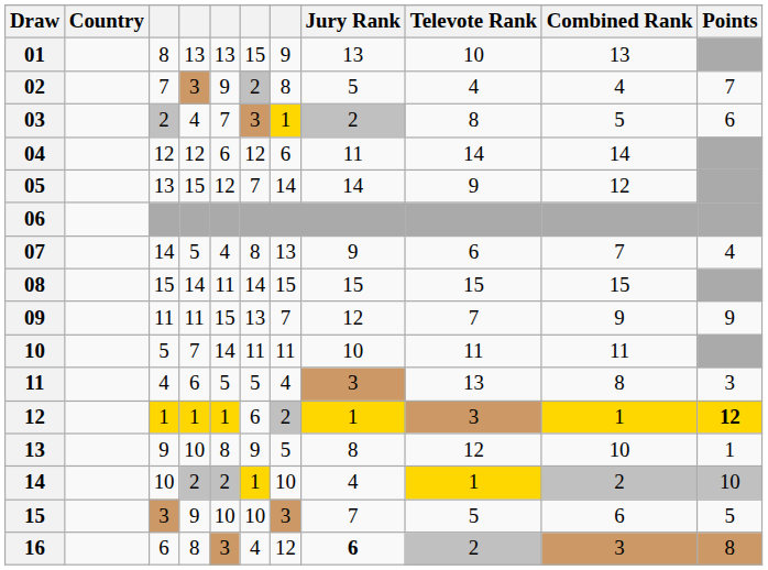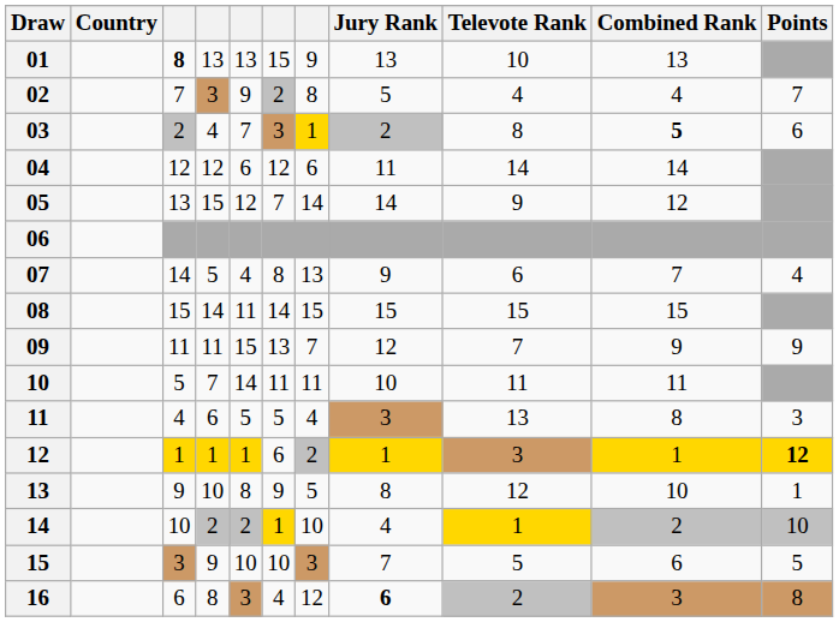 <table class="sortable wikitable collapsible plainrowheaders" style="text-align:center;">
 <tr>
 </tr>
 <tr>
 <th scope="col">Draw</th>
 <th scope="col">Country</th>
 <th scope="col"><small></small></th>
 <th scope="col"><small></small></th>
 <th scope="col"><small></small></th>
 <th scope="col"><small></small></th>
 <th scope="col"><small></small></th>
 <th scope="col">Jury Rank</th>
 <th scope="col">Televote Rank</th>
 <th scope="col">Combined Rank</th>
 <th scope="col">Points</th>
 </tr>
 <tr>
 <th scope="row" style="text-align:center;">01</th>
 <td style="text-align:left;"></td>
-<td>8</td>
+<td><strong>8</strong></td>
 <td>13</td>
 <td>13</td>
 <td>15</td>
 <td>9</td>
 <td>13</td>
 <td>10</td>
 <td>13</td>
 <td style="background:#AAAAAA;"></td>
 </tr>
 <tr>
 <th scope="row" style="text-align:center;">02</th>
 <td style="text-align:left;"></td>
 <td>7</td>
 <td style="background:#CC9966;">3</td>
 <td>9</td>
 <td style="background:silver;">2</td>
 <td>8</td>
 <td>5</td>
 <td>4</td>
 <td>4</td>
 <td>7</td>
 </tr>
 <tr>
 <th scope="row" style="text-align:center;">03</th>
 <td style="text-align:left;"></td>
 <td style="background:silver;">2</td>
 <td>4</td>
 <td>7</td>
 <td style="background:#CC9966;">3</td>
 <td style="background:gold;">1</td>
 <td style="background:silver;">2</td>
 <td>8</td>
-<td>5</td>
+<td><strong>5</strong></td>
 <td>6</td>
 </tr>
 <tr>
 <th scope="row" style="text-align:center;">04</th>
 <td style="text-align:left;"></td>
 <td>12</td>
 <td>12</td>
 <td>6</td>
 <td>12</td>
 <td>6</td>
 <td>11</td>
 <td>14</td>
 <td>14</td>
 <td style="background:#AAAAAA;"></td>
 </tr>
 <tr>
 <th scope="row" style="text-align:center;">05</th>
 <td style="text-align:left;"></td>
 <td>13</td>
 <td>15</td>
 <td>12</td>
 <td>7</td>
 <td>14</td>
 <td>14</td>
 <td>9</td>
 <td>12</td>
 <td style="background:#AAAAAA;"></td>
 </tr>
 <tr class="sortbottom">
 <th scope="row" style="text-align:center;">06</th>
 <td style="text-align:left;"></td>
 <td style="background:#AAAAAA;"></td>
 <td style="background:#AAAAAA;"></td>
 <td style="background:#AAAAAA;"></td>
 <td style="background:#AAAAAA;"></td>
 <td style="background:#AAAAAA;"></td>
 <td style="background:#AAAAAA;"></td>
 <td style="background:#AAAAAA;"></td>
 <td style="background:#AAAAAA;"></td>
 <td style="background:#AAAAAA;"></td>
 </tr>
 <tr>
 <th scope="row" style="text-align:center;">07</th>
 <td style="text-align:left;"></td>
 <td>14</td>
 <td>5</td>
 <td>4</td>
 <td>8</td>
 <td>13</td>
 <td>9</td>
 <td>6</td>
 <td>7</td>
 <td>4</td>
 </tr>
 <tr>
 <th scope="row" style="text-align:center;">08</th>
 <td style="text-align:left;"></td>
 <td>15</td>
 <td>14</td>
 <td>11</td>
 <td>14</td>
 <td>15</td>
 <td>15</td>
 <td>15</td>
 <td>15</td>
 <td style="background:#AAAAAA;"></td>
 </tr>
 <tr>
 <th scope="row" style="text-align:center;">09</th>
 <td style="text-align:left;"></td>
 <td>11</td>
 <td>11</td>
 <td>15</td>
 <td>13</td>
 <td>7</td>
 <td>12</td>
 <td>7</td>
 <td>9</td>
 <td>9</td>
 </tr>
 <tr>
 <th scope="row" style="text-align:center;">10</th>
 <td style="text-align:left;"></td>
 <td>5</td>
 <td>7</td>
 <td>14</td>
 <td>11</td>
 <td>11</td>
 <td>10</td>
 <td>11</td>
 <td>11</td>
 <td style="background:#AAAAAA;"></td>
 </tr>
 <tr>
 <th scope="row" style="text-align:center;">11</th>
 <td style="text-align:left;"></td>
 <td>4</td>
 <td>6</td>
 <td>5</td>
 <td>5</td>
 <td>4</td>
 <td style="background:#CC9966;">3</td>
 <td>13</td>
 <td>8</td>
 <td>3</td>
 </tr>
 <tr>
 <th scope="row" style="text-align:center;">12</th>
 <td style="text-align:left;"></td>
 <td style="background:gold;">1</td>
 <td style="background:gold;">1</td>
 <td style="background:gold;">1</td>
 <td>6</td>
 <td style="background:silver;">2</td>
 <td style="background:gold;">1</td>
 <td style="background:#CC9966;">3</td>
 <td style="background:gold;">1</td>
 <td style="background:gold;"><strong>12</strong></td>
 </tr>
 <tr>
 <th scope="row" style="text-align:center;">13</th>
 <td style="text-align:left;"></td>
 <td>9</td>
 <td>10</td>
 <td>8</td>
 <td>9</td>
 <td>5</td>
 <td>8</td>
 <td>12</td>
 <td>10</td>
 <td>1</td>
 </tr>
 <tr>
 <th scope="row" style="text-align:center;">14</th>
 <td style="text-align:left;"></td>
 <td>10</td>
 <td style="background:silver;">2</td>
 <td style="background:silver;">2</td>
 <td style="background:gold;">1</td>
 <td>10</td>
 <td>4</td>
 <td style="background:gold;">1</td>
 <td style="background:silver;">2</td>
 <td style="background:silver;">10</td>
 </tr>
 <tr>
 <th scope="row" style="text-align:center;">15</th>
 <td style="text-align:left;"></td>
 <td style="background:#CC9966;">3</td>
 <td>9</td>
 <td>10</td>
 <td>10</td>
 <td style="background:#CC9966;">3</td>
 <td>7</td>
 <td>5</td>
 <td>6</td>
 <td>5</td>
 </tr>
 <tr>
 <th scope="row" style="text-align:center;">16</th>
 <td style="text-align:left;"></td>
 <td>6</td>
 <td>8</td>
 <td style="background:#CC9966;">3</td>
 <td>4</td>
 <td>12</td>
 <td><strong>6</strong></td>
 <td style="background:silver;">2</td>
 <td style="background:#CC9966;">3</td>
 <td style="background:#CC9966;">8</td>
 </tr>
 </table>
